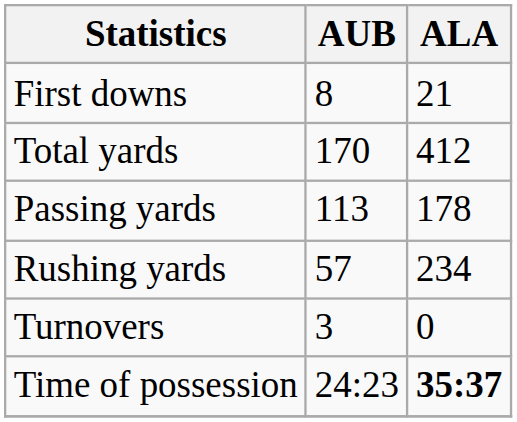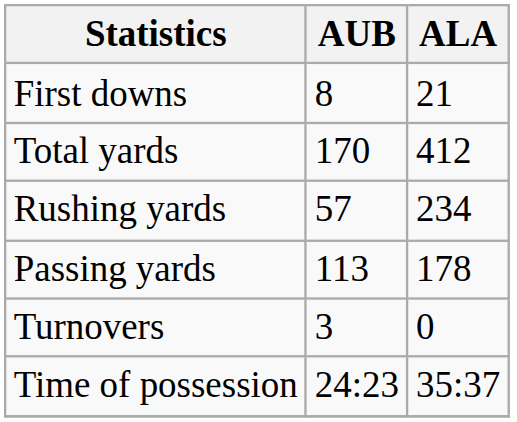 <table class="wikitable">
 <tr>
 <th>Statistics</th>
 <th>AUB</th>
 <th>ALA</th>
 </tr>
 <tr>
 <td>First downs</td>
 <td>8</td>
 <td>21</td>
 </tr>
 <tr>
 <td>Total yards</td>
 <td>170</td>
 <td>412</td>
 </tr>
 <tr>
+<td>Rushing yards</td>
+<td>57</td>
+<td>234</td>
+</tr>
+<tr>
 <td>Passing yards</td>
 <td>113</td>
 <td>178</td>
-</tr>
-<tr>
-<td>Rushing yards</td>
-<td>57</td>
-<td>234</td>
 </tr>
 <tr>
 <td>Turnovers</td>
 <td>3</td>
 <td>0</td>
 </tr>
 <tr>
 <td>Time of possession</td>
 <td>24:23</td>
-<td><strong>35:37</strong></td>
+<td>35:37</td>
 </tr>
 <tr>
 </tr>
 </table>
